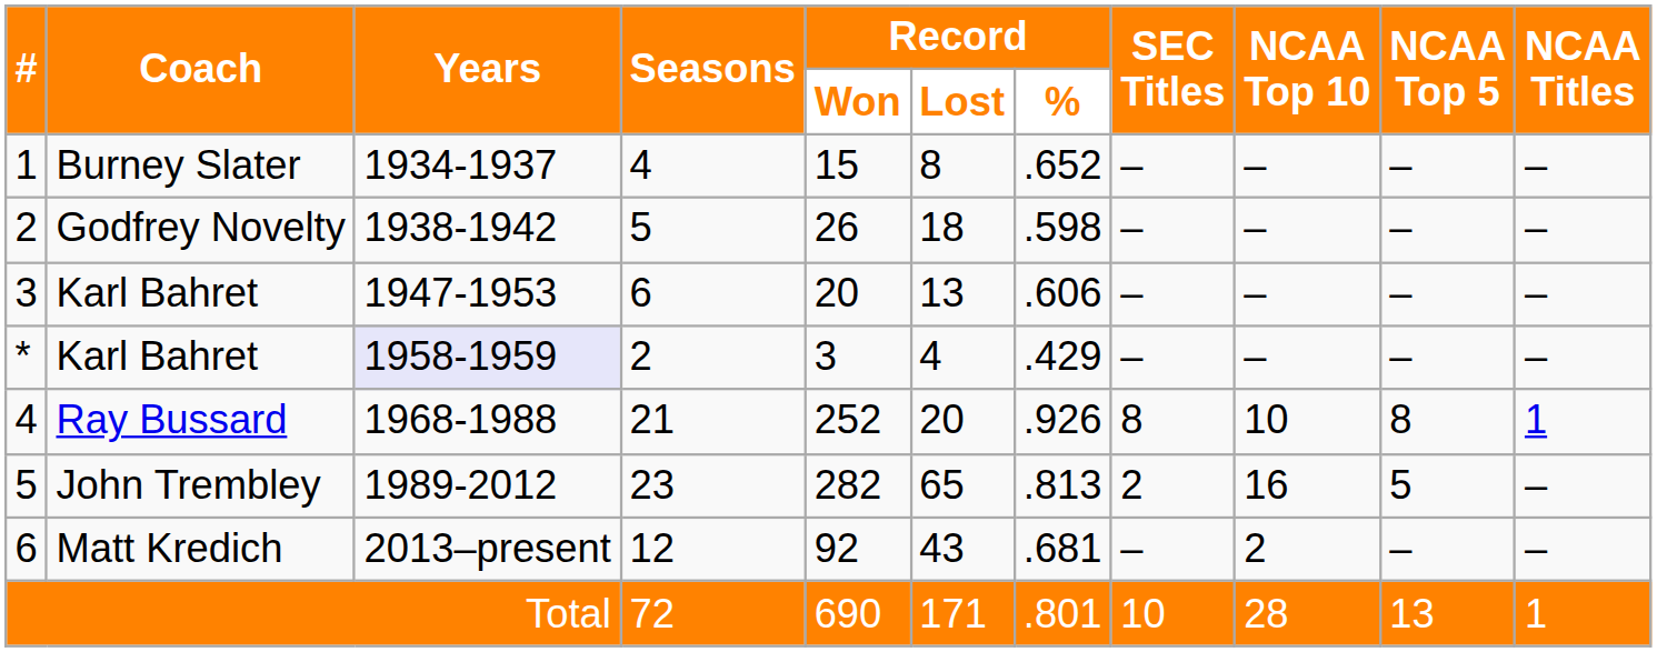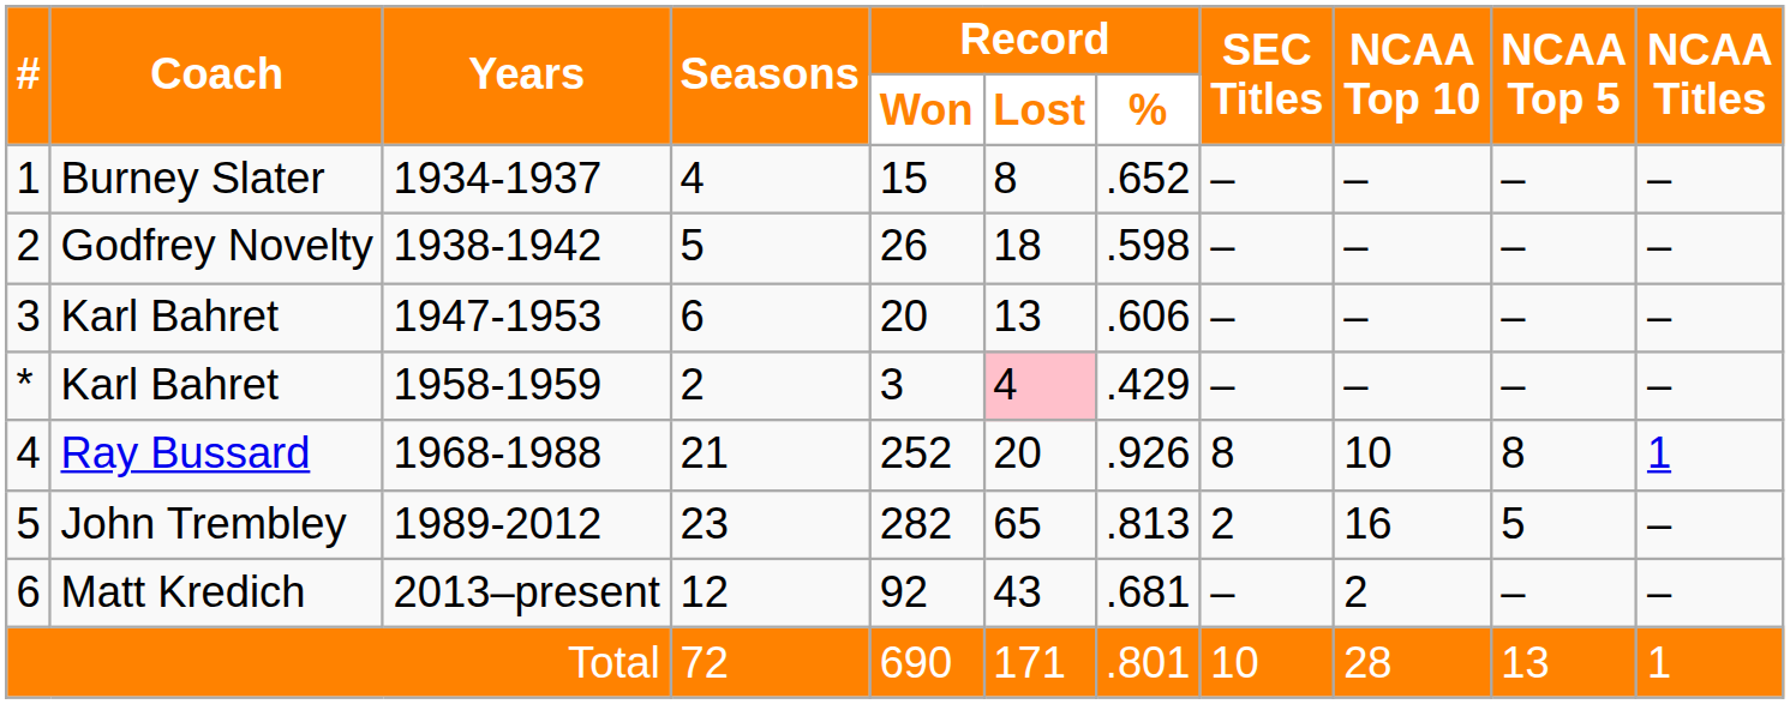 <table class="wikitable">
 <tr>
 <td rowspan="2" style= "background: #FF8200; color:white; text-align:center"><strong>#</strong></td>
 <td rowspan="2" style= "background: #FF8200; color:white; text-align:center"><strong>Coach</strong></td>
 <td rowspan="2" style= "background: #FF8200; color:white; text-align:center"><strong>Years</strong></td>
 <td rowspan="2" style= "background: #FF8200; color:white; text-align:center"><strong>Seasons</strong></td>
 <td colspan="3" style= "background: #FF8200; color:white; text-align:center"><strong>Record</strong></td>
 <td rowspan="2" style= "background: #FF8200; color:white; text-align:center"><strong>SEC<br>Titles</strong></td>
 <td rowspan="2" style= "background: #FF8200; color:white; text-align:center"><strong>NCAA<br>Top 10</strong></td>
 <td rowspan="2" style= "background: #FF8200; color:white; text-align:center"><strong>NCAA<br>Top 5</strong></td>
 <td rowspan="2" style= "background: #FF8200; color:white; text-align:center"><strong>NCAA<br>Titles</strong></td>
 </tr>
 <tr>
 <th style="width:20px; background: white; color:#FF8200; text-align:center">Won</th>
 <th style="width:20px; background: white; color:#FF8200; text-align:center">Lost</th>
 <th style="width:20px; background: white; color:#FF8200; text-align:center">%</th>
 </tr>
 <tr>
 <td>1</td>
 <td>Burney Slater</td>
 <td>1934-1937</td>
 <td>4</td>
 <td>15</td>
 <td>8</td>
 <td>.652</td>
 <td>–</td>
 <td>–</td>
 <td>–</td>
 <td>–</td>
 </tr>
 <tr>
 <td>2</td>
 <td>Godfrey Novelty</td>
 <td>1938-1942</td>
 <td>5</td>
 <td>26</td>
 <td>18</td>
 <td>.598</td>
 <td>–</td>
 <td>–</td>
 <td>–</td>
 <td>–</td>
 </tr>
 <tr>
 <td>3</td>
 <td>Karl Bahret</td>
 <td>1947-1953</td>
 <td>6</td>
 <td>20</td>
 <td>13</td>
 <td>.606</td>
 <td>–</td>
 <td>–</td>
 <td>–</td>
 <td>–</td>
 </tr>
 <tr>
 <td>*</td>
 <td>Karl Bahret</td>
-<td style="background: lavender;">1958-1959</td>
+<td>1958-1959</td>
 <td>2</td>
 <td>3</td>
-<td>4</td>
+<td style="background: pink;">4</td>
 <td>.429</td>
 <td>–</td>
 <td>–</td>
 <td>–</td>
 <td>–</td>
 </tr>
 <tr>
 <td>4</td>
 <td><a href='#'>Ray Bussard</a></td>
 <td>1968-1988</td>
 <td>21</td>
 <td>252</td>
 <td>20</td>
 <td>.926</td>
 <td>8</td>
 <td>10</td>
 <td>8</td>
 <td><a href='#'>1</a></td>
 </tr>
 <tr>
 <td>5</td>
 <td>John Trembley</td>
 <td>1989-2012</td>
 <td>23</td>
 <td>282</td>
 <td>65</td>
 <td>.813</td>
 <td>2</td>
 <td>16</td>
 <td>5</td>
 <td>–</td>
 </tr>
 <tr>
 <td>6</td>
 <td>Matt Kredich</td>
 <td>2013–present</td>
 <td>12</td>
 <td>92</td>
 <td>43</td>
 <td>.681</td>
 <td>–</td>
 <td>2</td>
 <td>–</td>
 <td>–</td>
 </tr>
 <tr style="background: #FF8200; color:white">
 <td colspan="3" align="right">Total</td>
 <td>72</td>
 <td>690</td>
 <td>171</td>
 <td>.801</td>
 <td>10</td>
 <td>28</td>
 <td>13</td>
 <td>1</td>
 </tr>
 </table>
